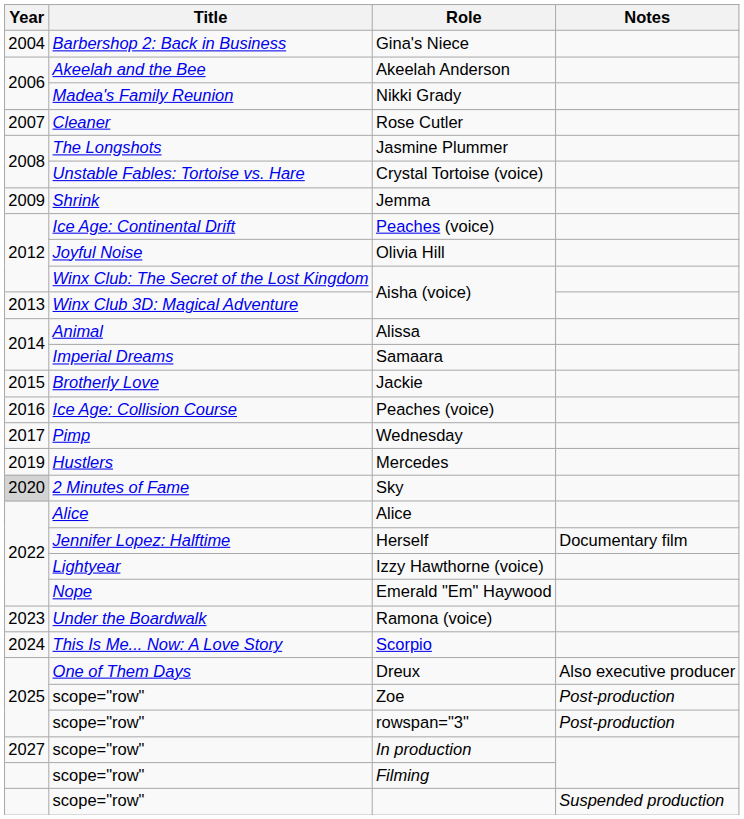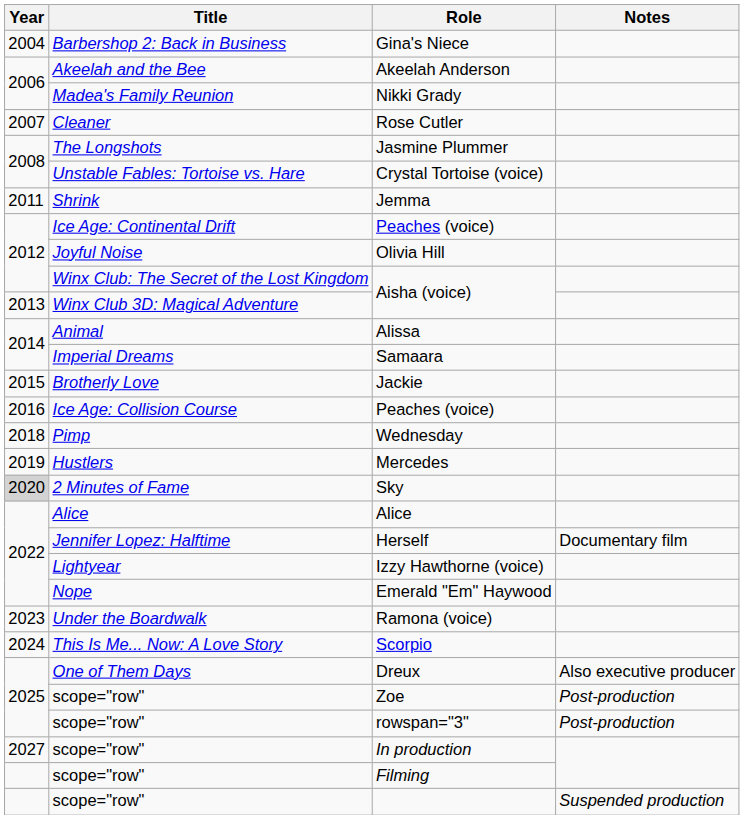 <table class="wikitable sortable">
 <tr>
 <th scope="col">Year</th>
 <th scope="col">Title</th>
 <th scope="col">Role</th>
 <th scope="col" class="unsortable">Notes</th>
 </tr>
 <tr>
 <td>2004</td>
 <td scope="row"><em><a href='#'>Barbershop 2: Back in Business</a></em></td>
 <td>Gina's Niece</td>
 <td></td>
 </tr>
 <tr>
 <td rowspan="2">2006</td>
 <td scope="row"><em><a href='#'>Akeelah and the Bee</a></em></td>
 <td>Akeelah Anderson</td>
 <td></td>
 </tr>
 <tr>
 <td scope="row"><em><a href='#'>Madea's Family Reunion</a></em></td>
 <td>Nikki Grady</td>
 <td></td>
 </tr>
 <tr>
 <td>2007</td>
 <td scope="row"><em><a href='#'>Cleaner</a></em></td>
 <td>Rose Cutler</td>
 <td></td>
 </tr>
 <tr>
 <td rowspan="2">2008</td>
 <td scope="row" data-sort-value="Longshots, The"><em><a href='#'>The Longshots</a></em></td>
 <td>Jasmine Plummer</td>
 <td></td>
 </tr>
 <tr>
 <td scope="row"><em><a href='#'>Unstable Fables: Tortoise vs. Hare</a></em></td>
 <td>Crystal Tortoise (voice)</td>
 <td></td>
 </tr>
 <tr>
-<td>2009</td>
+<td>2011</td>
 <td scope="row"><em><a href='#'>Shrink</a></em></td>
 <td>Jemma</td>
 <td></td>
 </tr>
 <tr>
 <td rowspan="3">2012</td>
 <td scope="row"><em><a href='#'>Ice Age: Continental Drift</a></em></td>
 <td><a href='#'>Peaches</a> (voice)</td>
 <td></td>
 </tr>
 <tr>
 <td scope="row"><em><a href='#'>Joyful Noise</a></em></td>
 <td>Olivia Hill</td>
 <td></td>
 </tr>
 <tr>
 <td scope="row"><em><a href='#'>Winx Club: The Secret of the Lost Kingdom</a></em></td>
 <td rowspan="2">Aisha (voice)</td>
 <td></td>
 </tr>
 <tr>
 <td>2013</td>
 <td scope="row"><em><a href='#'>Winx Club 3D: Magical Adventure</a></em></td>
 <td></td>
 </tr>
 <tr>
 <td rowspan="2">2014</td>
 <td scope="row"><em><a href='#'>Animal</a></em></td>
 <td>Alissa</td>
 <td></td>
 </tr>
 <tr>
 <td scope="row"><em><a href='#'>Imperial Dreams</a></em></td>
 <td>Samaara</td>
 <td></td>
 </tr>
 <tr>
 <td>2015</td>
 <td scope="row"><em><a href='#'>Brotherly Love</a></em></td>
 <td>Jackie</td>
 <td></td>
 </tr>
 <tr>
 <td>2016</td>
 <td scope="row"><em><a href='#'>Ice Age: Collision Course</a></em></td>
 <td>Peaches (voice)</td>
 <td></td>
 </tr>
 <tr>
-<td>2017</td>
+<td>2018</td>
 <td scope="row"><em><a href='#'>Pimp</a></em></td>
 <td>Wednesday</td>
 <td></td>
 </tr>
 <tr>
 <td>2019</td>
 <td scope="row"><em><a href='#'>Hustlers</a></em></td>
 <td>Mercedes</td>
 <td></td>
 </tr>
 <tr>
 <td style="background: lightgrey;">2020</td>
 <td scope="row"><em><a href='#'>2 Minutes of Fame</a></em></td>
 <td>Sky</td>
 <td></td>
 </tr>
 <tr>
 <td rowspan="4">2022</td>
 <td scope="row"><em><a href='#'>Alice</a></em></td>
 <td>Alice</td>
 <td></td>
 </tr>
 <tr>
 <td scope="row"><em><a href='#'>Jennifer Lopez: Halftime</a></em></td>
 <td>Herself</td>
 <td>Documentary film</td>
 </tr>
 <tr>
 <td scope="row"><em><a href='#'>Lightyear</a></em></td>
 <td>Izzy Hawthorne (voice)</td>
 <td></td>
 </tr>
 <tr>
 <td scope="row"><em><a href='#'>Nope</a></em></td>
 <td>Emerald "Em" Haywood</td>
 <td></td>
 </tr>
 <tr>
 <td>2023</td>
 <td scope="row"><em><a href='#'>Under the Boardwalk</a></em></td>
 <td>Ramona (voice)</td>
 <td></td>
 </tr>
 <tr>
 <td>2024</td>
 <td scope="row"><em><a href='#'>This Is Me... Now: A Love Story</a></em></td>
 <td><a href='#'>Scorpio</a></td>
 <td></td>
 </tr>
 <tr>
 <td rowspan="3">2025</td>
 <td scope="row"><em><a href='#'>One of Them Days</a></em></td>
 <td>Dreux</td>
 <td>Also executive producer</td>
 </tr>
 <tr>
 <td>scope="row" </td>
 <td>Zoe</td>
 <td><em>Post-production</em></td>
 </tr>
 <tr>
 <td>scope="row" </td>
 <td>rowspan="3" </td>
 <td><em>Post-production</em></td>
 </tr>
 <tr>
 <td>2027</td>
 <td>scope="row" </td>
 <td><em>In production</em></td>
 </tr>
 <tr>
 <td></td>
 <td>scope="row" </td>
 <td><em>Filming</em></td>
 </tr>
 <tr>
 <td></td>
 <td>scope="row" </td>
 <td></td>
 <td><em>Suspended production</em></td>
 </tr>
 </table>
